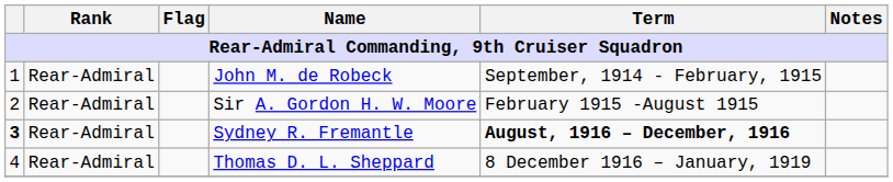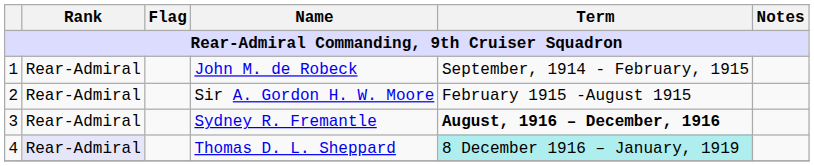 <table class="wikitable">
 <tr>
 <th></th>
 <th>Rank</th>
 <th>Flag</th>
 <th>Name</th>
 <th>Term</th>
 <th>Notes</th>
 </tr>
 <tr>
 <td colspan="6" align="center" style="background:#dcdcfe;"><strong>Rear-Admiral Commanding, 9th Cruiser Squadron</strong></td>
 </tr>
 <tr>
 <td>1</td>
 <td>Rear-Admiral</td>
 <td></td>
 <td><a href='#'>John M. de Robeck</a></td>
 <td>September, 1914 -  February, 1915</td>
 <td></td>
 </tr>
 <tr>
 <td>2</td>
 <td>Rear-Admiral</td>
 <td></td>
 <td>Sir <a href='#'>A. Gordon H. W. Moore</a></td>
 <td>February 1915 -August 1915</td>
 <td></td>
 </tr>
 <tr>
-<td><strong>3</strong></td>
+<td>3</td>
 <td>Rear-Admiral</td>
 <td></td>
 <td><a href='#'>Sydney R. Fremantle</a></td>
 <td><strong>August, 1916  –   December, 1916</strong></td>
 <td></td>
 </tr>
 <tr>
 <td>4</td>
-<td>Rear-Admiral</td>
+<td style="background: lavender;">Rear-Admiral</td>
 <td></td>
 <td><a href='#'>Thomas D. L. Sheppard</a></td>
-<td>8 December 1916 – January, 1919</td>
+<td style="background: paleturquoise;">8 December 1916 – January, 1919</td>
 <td></td>
 </tr>
 <tr>
 </tr>
 </table>
